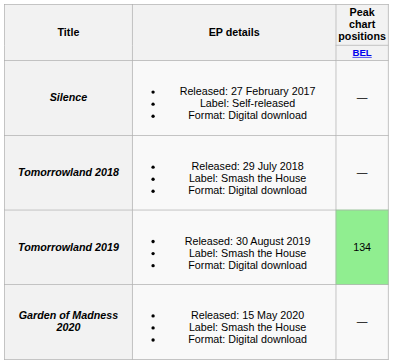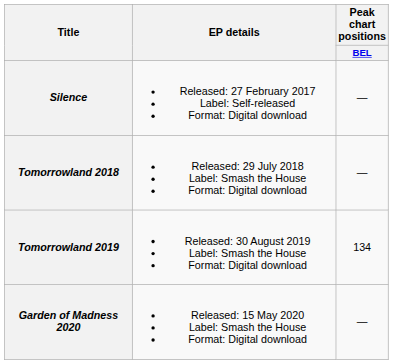 <table class="wikitable plainrowheaders" style="text-align:center;">
 <tr>
 <th scope="col" rowspan="2" style="width:11.5em;">Title</th>
 <th scope="col" rowspan="2" style="width:18.5em;">EP details</th>
 <th scope="col" colspan="1">Peak chart positions</th>
 </tr>
 <tr>
 <th scope="col" style="width:2.5em;font-size:90%;"><a href='#'>BEL</a><br></th>
 </tr>
 <tr>
 <th scope="row"><em>Silence</em></th>
 <td><br><ul><li>Released: 27 February 2017</li><li>Label: Self-released</li><li>Format: Digital download</li></ul></td>
 <td>—</td>
 </tr>
 <tr>
 <th scope="row"><em>Tomorrowland 2018</em></th>
 <td><br><ul><li>Released: 29 July 2018</li><li>Label: Smash the House</li><li>Format: Digital download</li></ul></td>
 <td>—</td>
 </tr>
 <tr>
 <th scope="row"><em>Tomorrowland 2019</em></th>
 <td><br><ul><li>Released: 30 August 2019</li><li>Label: Smash the House</li><li>Format: Digital download</li></ul></td>
-<td style="background: lightgreen;">134</td>
+<td>134</td>
 </tr>
 <tr>
 <th scope="row"><em>Garden of Madness 2020</em></th>
 <td><br><ul><li>Released: 15 May 2020</li><li>Label: Smash the House</li><li>Format: Digital download</li></ul></td>
 <td>—</td>
 </tr>
 </table>
